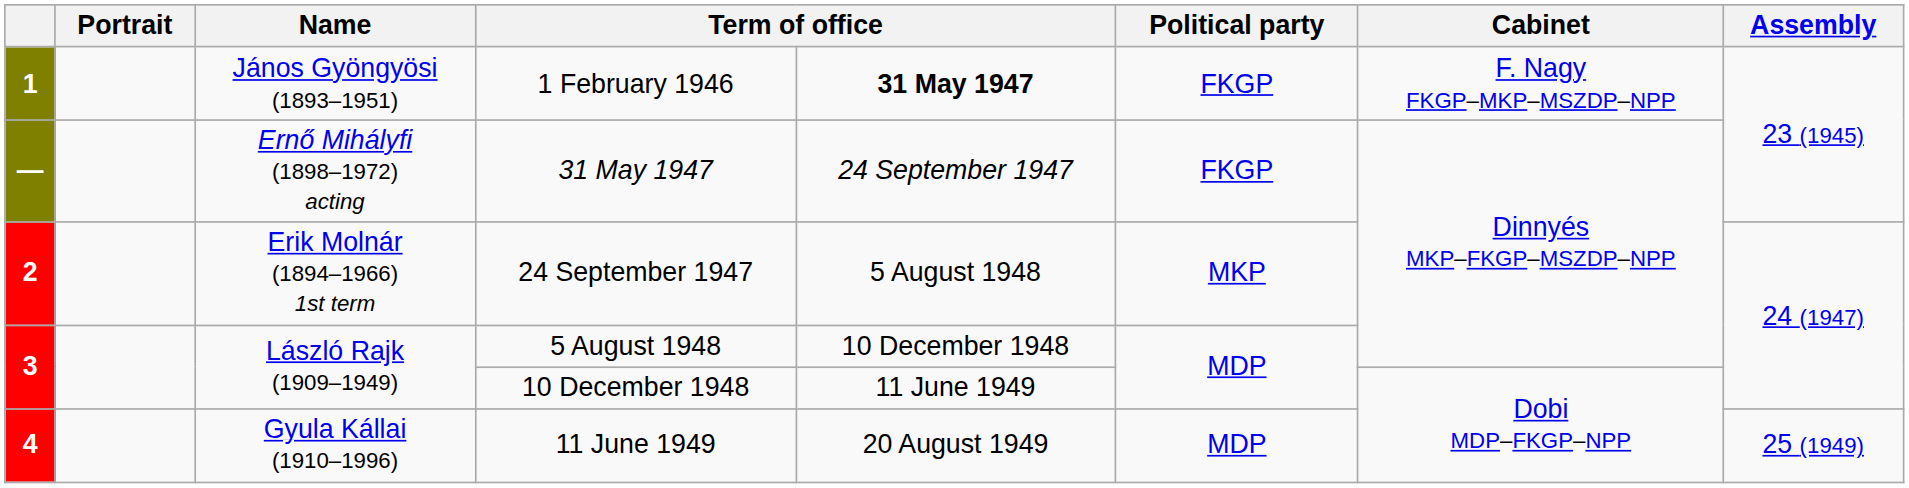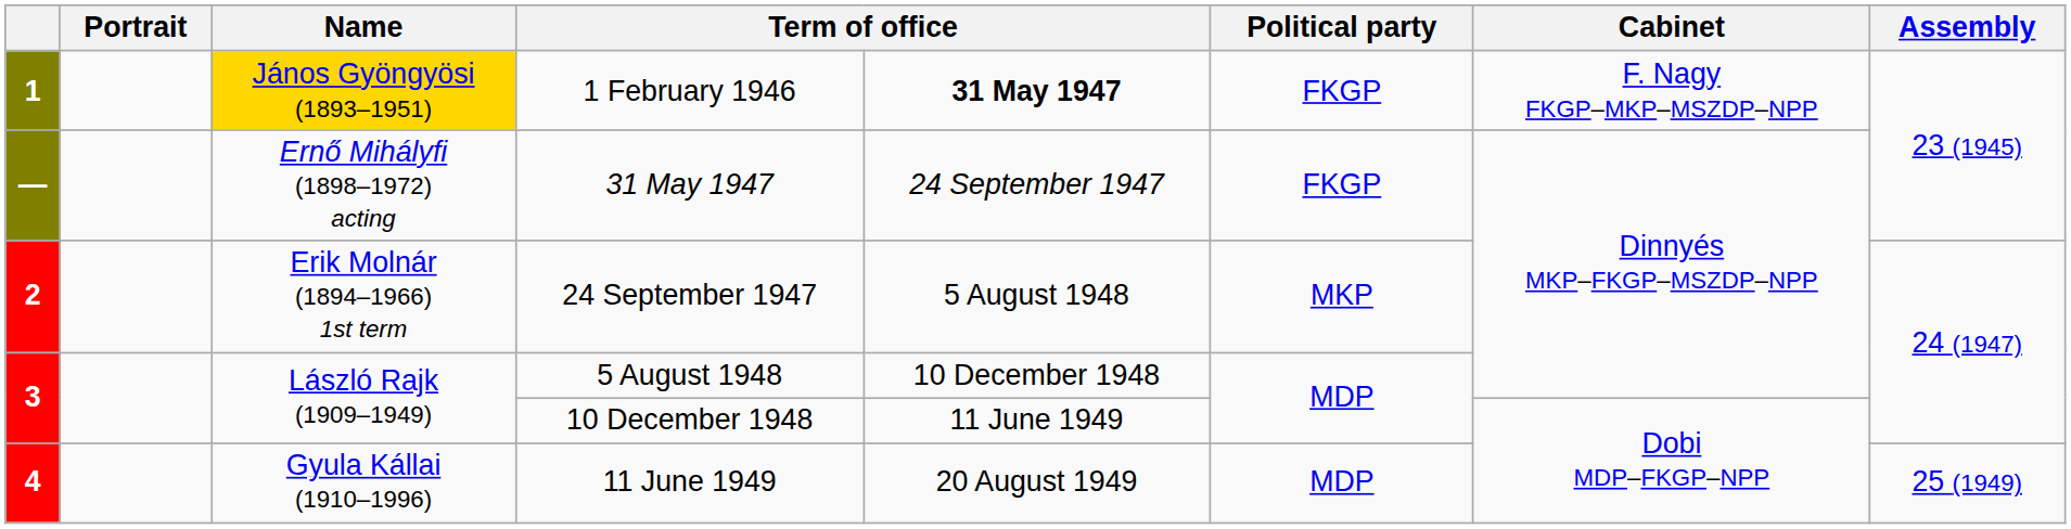 <table class="wikitable" style="width:90%; text-align:center;">
 <tr>
 <th></th>
 <th>Portrait</th>
 <th>Name<br></th>
 <th colspan=2>Term of office</th>
 <th>Political party</th>
 <th>Cabinet</th>
 <th><a href='#'>Assembly</a><br></th>
 </tr>
 <tr>
 <th style="background-color:#808000; color:white">1</th>
 <td></td>
-<td><a href='#'>János Gyöngyösi</a><br><small>(1893–1951)</small></td>
+<td style="background: gold;"><a href='#'>János Gyöngyösi</a><br><small>(1893–1951)</small></td>
 <td>1 February 1946</td>
 <td><strong>31 May 1947</strong></td>
 <td><a href='#'>FKGP</a></td>
 <td><a href='#'>F. Nagy</a><br><small><a href='#'>FKGP</a>–<a href='#'>MKP</a>–<a href='#'>MSZDP</a>–<a href='#'>NPP</a></small></td>
 <td rowspan="2"><a href='#'>23 <small>(1945)</small></a></td>
 </tr>
 <tr>
 <th style="background-color:#808000; color:white">—</th>
 <td></td>
 <td><em><a href='#'>Ernő Mihályfi</a></em><br><small>(1898–1972)<br><em>acting</em></small></td>
 <td><em>31 May 1947</em></td>
 <td><em>24 September 1947</em></td>
 <td><a href='#'>FKGP</a></td>
 <td rowspan="3"><a href='#'>Dinnyés</a><br><small><a href='#'>MKP</a>–<a href='#'>FKGP</a>–<a href='#'>MSZDP</a>–<a href='#'>NPP</a></small></td>
 </tr>
 <tr>
 <th style="background-color:Red; color:white">2</th>
 <td></td>
 <td><a href='#'>Erik Molnár</a><br><small>(1894–1966)<br><em>1st term</em></small></td>
 <td>24 September 1947</td>
 <td>5 August 1948</td>
 <td><a href='#'>MKP</a></td>
 <td rowspan="3"><a href='#'>24 <small>(1947)</small></a></td>
 </tr>
 <tr>
 <th rowspan="2" style="background-color:Red; color:white">3</th>
 <td rowspan="2"></td>
 <td rowspan="2"><a href='#'>László Rajk</a><br><small>(1909–1949)</small></td>
 <td>5 August 1948</td>
 <td>10 December 1948</td>
 <td rowspan="2"><a href='#'>MDP</a></td>
 </tr>
 <tr>
 <td>10 December 1948</td>
 <td>11 June 1949</td>
 <td rowspan="2"><a href='#'>Dobi</a><br><small><a href='#'>MDP</a>–<a href='#'>FKGP</a>–<a href='#'>NPP</a></small></td>
 </tr>
 <tr>
 <th style="background-color:Red; color:white">4</th>
 <td></td>
 <td><a href='#'>Gyula Kállai</a><br><small>(1910–1996)</small></td>
 <td>11 June 1949</td>
 <td>20 August 1949</td>
 <td><a href='#'>MDP</a></td>
 <td><a href='#'>25 <small>(1949)</small></a></td>
 </tr>
 </table>
